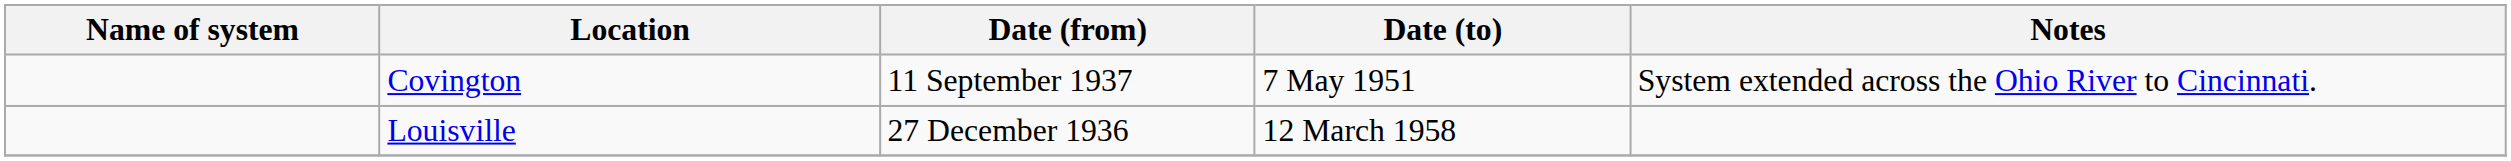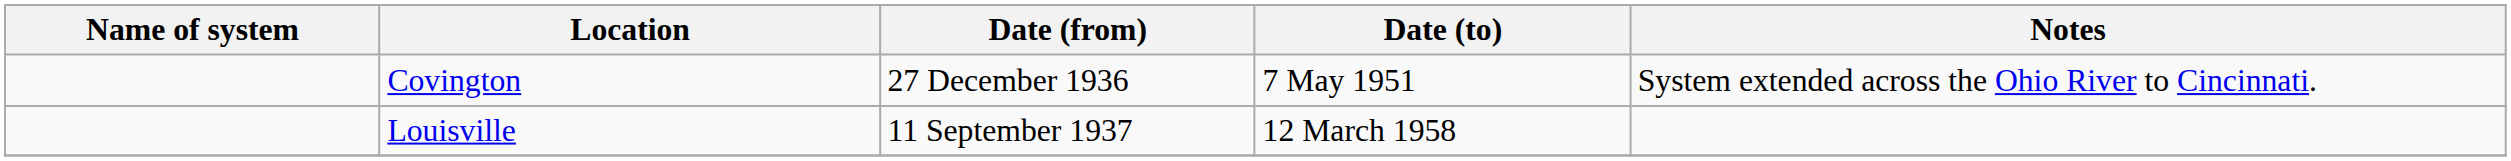 <table class="wikitable" width=100%>
 <tr>
 <th width=15%>Name of system</th>
 <th width=20%>Location</th>
 <th width=15%>Date (from)</th>
 <th width=15%>Date (to)</th>
 <th width=35%>Notes</th>
 </tr>
 <tr>
 <td> </td>
 <td><a href='#'>Covington</a></td>
-<td>11 September 1937</td>
+<td>27 December 1936</td>
 <td>7 May 1951</td>
 <td>System extended across the <a href='#'>Ohio River</a> to <a href='#'>Cincinnati</a>.</td>
 </tr>
 <tr>
 <td> </td>
 <td><a href='#'>Louisville</a></td>
-<td>27 December 1936</td>
+<td>11 September 1937</td>
 <td>12 March 1958</td>
 <td> </td>
 </tr>
 <tr>
 </tr>
 </table>
